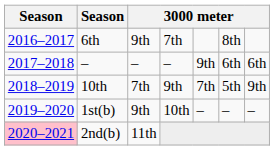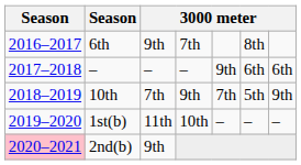 <table class="wikitable" style="display: inline-table">
 <tr>
 <th>Season</th>
 <th>Season</th>
 <th colspan="6">3000 meter</th>
 </tr>
 <tr>
 <td><a href='#'> 2016–2017</a></td>
 <td>6th</td>
 <td>9th</td>
 <td>7th</td>
 <td></td>
 <td>8th</td>
 <td></td>
 </tr>
 <tr>
 <td><a href='#'> 2017–2018</a></td>
 <td>–</td>
 <td>–</td>
 <td>–</td>
 <td>9th</td>
 <td>6th</td>
 <td>6th</td>
 </tr>
 <tr>
 <td><a href='#'> 2018–2019</a></td>
 <td>10th</td>
 <td>7th</td>
 <td>9th</td>
 <td>7th</td>
 <td>5th</td>
 <td>9th</td>
 </tr>
 <tr>
 <td><a href='#'> 2019–2020</a></td>
 <td>1st(b)</td>
-<td>9th</td>
+<td>11th</td>
 <td>10th</td>
 <td>–</td>
 <td>–</td>
 <td>–</td>
 </tr>
 <tr>
 <td style="background: pink;"><a href='#'> 2020–2021</a></td>
 <td>2nd(b)</td>
-<td>11th</td>
+<td>9th</td>
 <td colspan="4" bgcolor=#EEEEEE></td>
 </tr>
 </table>
